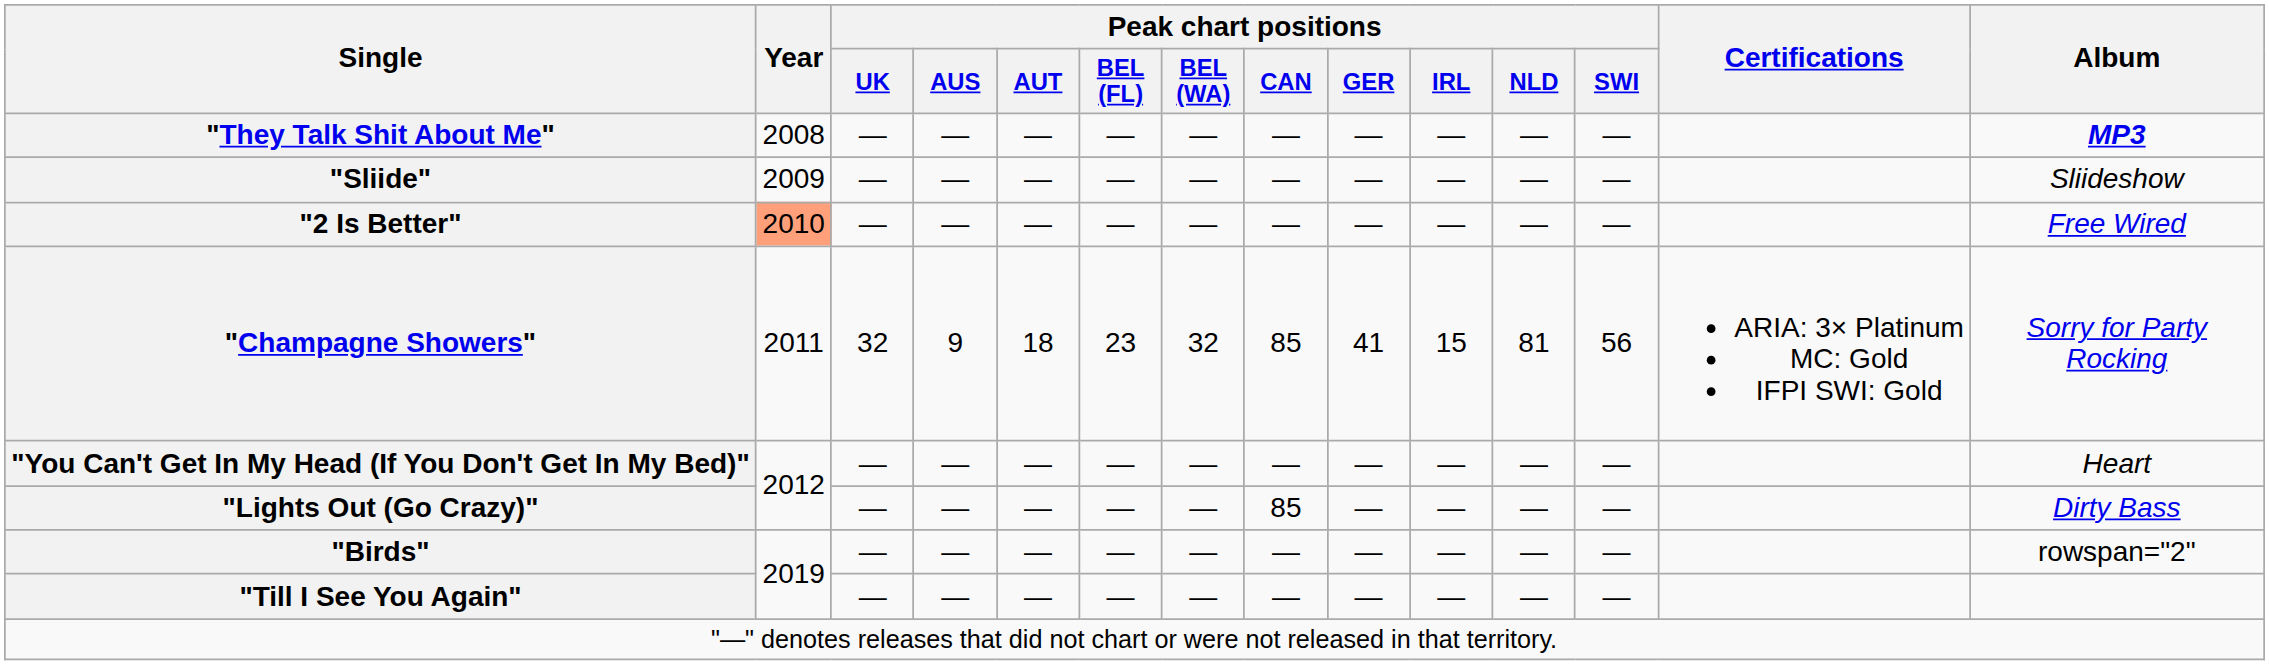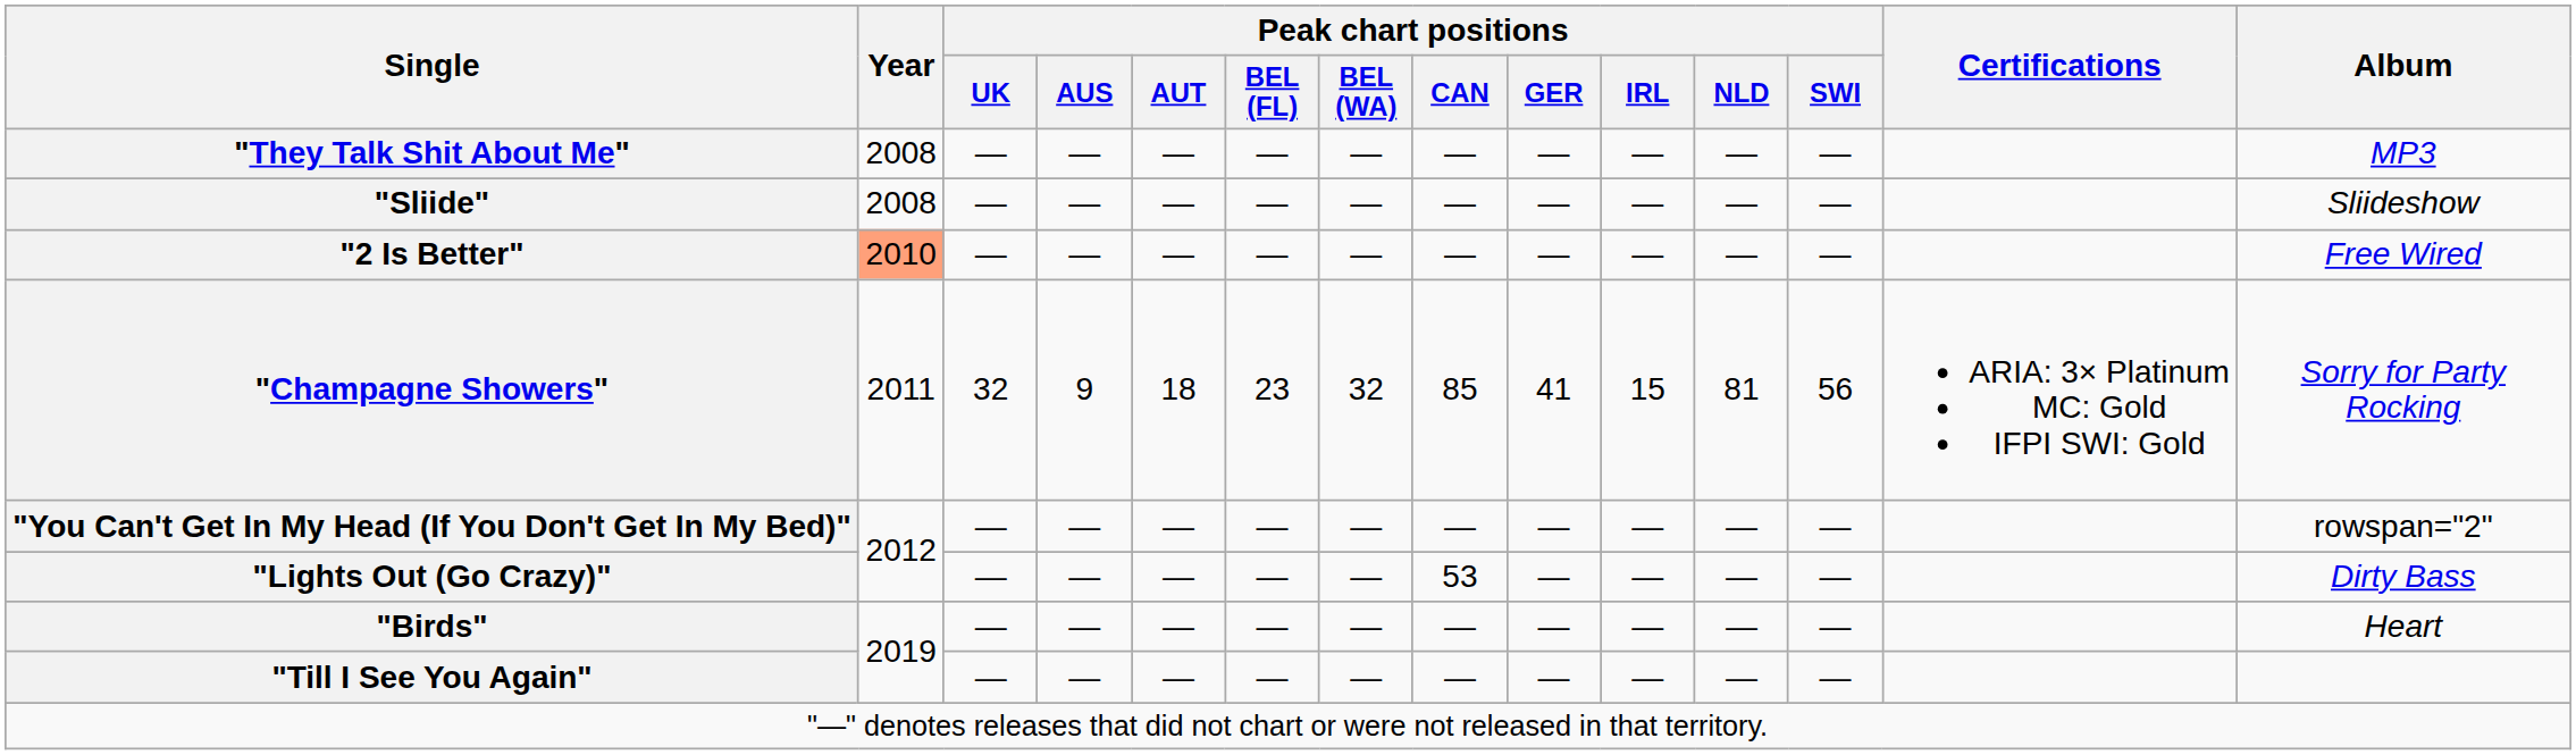 <table class="wikitable plainrowheaders" style="text-align:center;">
 <tr>
 <th rowspan="2">Single</th>
 <th rowspan="2">Year</th>
 <th colspan="10">Peak chart positions</th>
 <th scope="col" rowspan="2"><a href='#'>Certifications</a></th>
 <th rowspan="2" style="width:10em;">Album</th>
 </tr>
 <tr>
 <th scope="col" style="width:3em;font-size:85%;"><a href='#'>UK</a><br></th>
 <th scope="col" style="width:3em;font-size:85%;"><a href='#'>AUS</a><br></th>
 <th scope="col" style="width:3em;font-size:85%;"><a href='#'>AUT</a><br></th>
 <th scope="col" style="width:3em;font-size:85%;"><a href='#'>BEL<br>(FL)</a><br></th>
 <th scope="col" style="width:3em;font-size:85%;"><a href='#'>BEL<br>(WA)</a><br></th>
 <th scope="col" style="width:3em;font-size:85%;"><a href='#'>CAN</a><br></th>
 <th scope="col" style="width:3em;font-size:85%;"><a href='#'>GER</a><br></th>
 <th scope="col" style="width:3em;font-size:85%;"><a href='#'>IRL</a><br></th>
 <th scope="col" style="width:3em;font-size:85%;"><a href='#'>NLD</a><br></th>
 <th scope="col" style="width:3em;font-size:85%;"><a href='#'>SWI</a><br></th>
 </tr>
 <tr>
 <th scope="row">"<a href='#'>They Talk Shit About Me</a>"<br></th>
 <td>2008</td>
 <td>—</td>
 <td>—</td>
 <td>—</td>
 <td>—</td>
 <td>—</td>
 <td>—</td>
 <td>—</td>
 <td>—</td>
 <td>—</td>
 <td>—</td>
 <td></td>
-<td><strong><em><a href='#'>MP3</a></em></strong></td>
+<td><em><a href='#'>MP3</a></em></td>
 </tr>
 <tr>
 <th scope="row">"Sliide"<br></th>
-<td>2009</td>
+<td>2008</td>
 <td>—</td>
 <td>—</td>
 <td>—</td>
 <td>—</td>
 <td>—</td>
 <td>—</td>
 <td>—</td>
 <td>—</td>
 <td>—</td>
 <td>—</td>
 <td></td>
 <td><em>Sliideshow</em></td>
 </tr>
 <tr>
 <th scope="row">"2 Is Better"<br></th>
 <td style="background: lightsalmon;">2010</td>
 <td>—</td>
 <td>—</td>
 <td>—</td>
 <td>—</td>
 <td>—</td>
 <td>—</td>
 <td>—</td>
 <td>—</td>
 <td>—</td>
 <td>—</td>
 <td></td>
 <td><em><a href='#'>Free Wired</a></em></td>
 </tr>
 <tr>
 <th scope="row">"<a href='#'>Champagne Showers</a>"<br></th>
 <td>2011</td>
 <td>32</td>
 <td>9</td>
 <td>18</td>
 <td>23</td>
 <td>32</td>
 <td>85</td>
 <td>41</td>
 <td>15</td>
 <td>81</td>
 <td>56</td>
 <td><br><ul><li>ARIA: 3× Platinum</li><li>MC: Gold</li><li>IFPI SWI: Gold</li></ul></td>
 <td><em><a href='#'>Sorry for Party Rocking</a></em></td>
 </tr>
 <tr>
 <th scope="row">"You Can't Get In My Head (If You Don't Get In My Bed)"<br></th>
 <td rowspan="2">2012</td>
 <td>—</td>
 <td>—</td>
 <td>—</td>
 <td>—</td>
 <td>—</td>
 <td>—</td>
 <td>—</td>
 <td>—</td>
 <td>—</td>
 <td>—</td>
 <td></td>
-<td><em>Heart</em></td>
+<td>rowspan="2" </td>
 </tr>
 <tr>
 <th scope="row">"Lights Out (Go Crazy)"<br></th>
 <td>—</td>
 <td>—</td>
 <td>—</td>
 <td>—</td>
 <td>—</td>
-<td>85</td>
+<td>53</td>
 <td>—</td>
 <td>—</td>
 <td>—</td>
 <td>—</td>
 <td></td>
 <td><em><a href='#'>Dirty Bass</a></em></td>
 </tr>
 <tr>
 <th scope="row">"Birds"<br></th>
 <td rowspan="2">2019</td>
 <td>—</td>
 <td>—</td>
 <td>—</td>
 <td>—</td>
 <td>—</td>
 <td>—</td>
 <td>—</td>
 <td>—</td>
 <td>—</td>
 <td>—</td>
 <td></td>
-<td>rowspan="2" </td>
+<td><em>Heart</em></td>
 </tr>
 <tr>
 <th scope="row">"Till I See You Again"<br></th>
 <td>—</td>
 <td>—</td>
 <td>—</td>
 <td>—</td>
 <td>—</td>
 <td>—</td>
 <td>—</td>
 <td>—</td>
 <td>—</td>
 <td>—</td>
 <td></td>
 </tr>
 <tr>
 <td colspan="19" style="font-size:90%">"—" denotes releases that did not chart or were not released in that territory.</td>
 </tr>
 </table>
